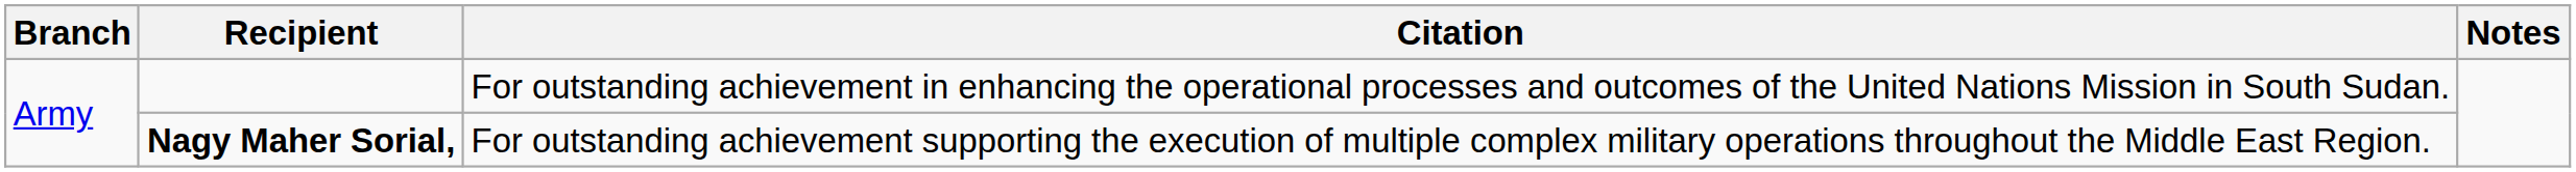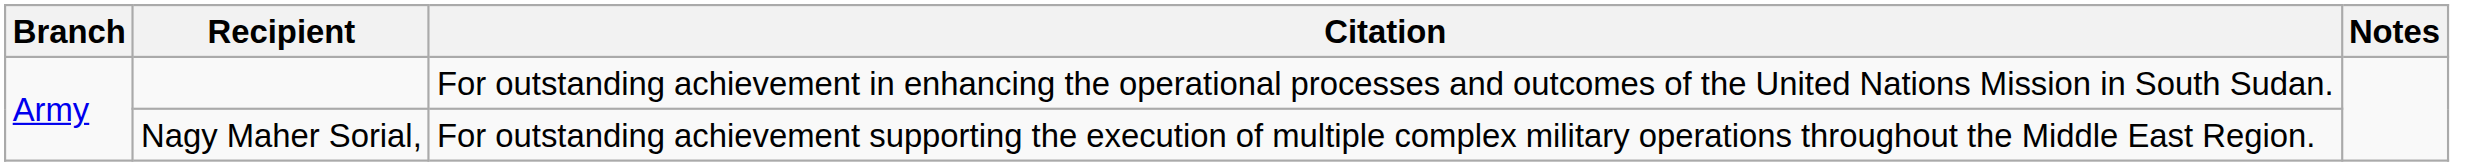 <table class="wikitable" style="font-size:95%;">
 <tr>
 <th>Branch</th>
 <th>Recipient</th>
 <th>Citation</th>
 <th>Notes</th>
 </tr>
 <tr>
 <td rowspan=2><a href='#'>Army</a></td>
 <td></td>
 <td>For outstanding achievement in enhancing the operational processes and outcomes of the United Nations Mission in South Sudan.</td>
 <td rowspan=2></td>
 </tr>
 <tr>
-<td><strong> Nagy Maher Sorial, </strong></td>
+<td> Nagy Maher Sorial, </td>
 <td>For outstanding achievement supporting the execution of multiple complex military operations throughout the Middle East Region.</td>
 </tr>
 </table>
